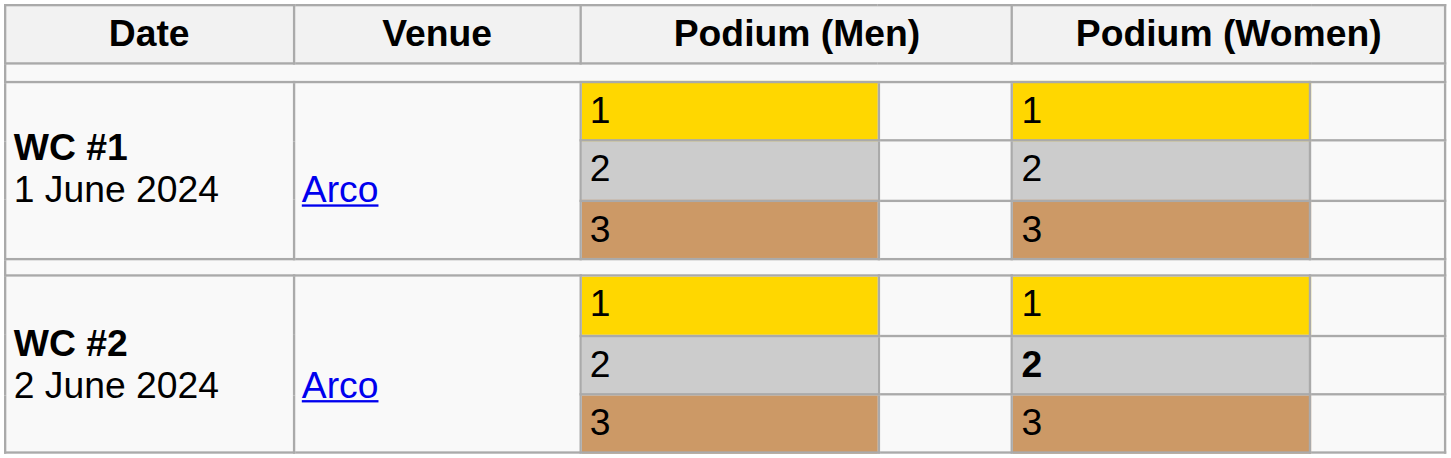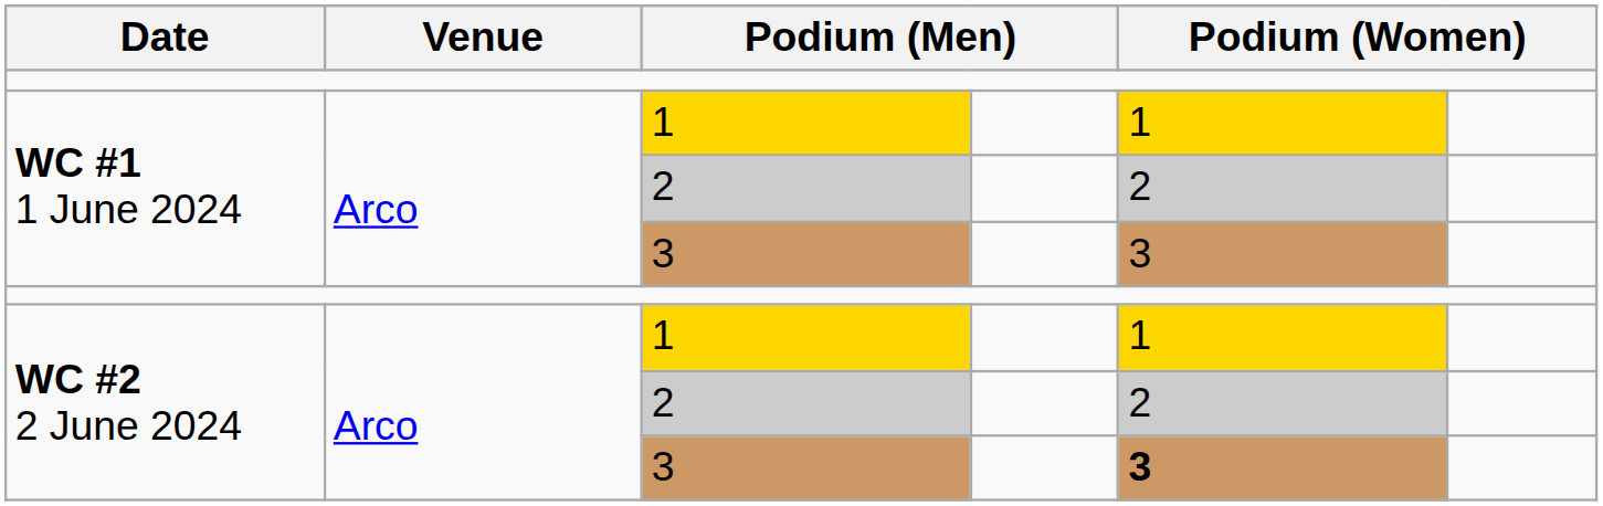 <table class="wikitable" width=70%>
 <tr>
 <th>Date</th>
 <th width=20%>Venue</th>
 <th colspan=2 width=30%>Podium (Men)</th>
 <th colspan=2 width=30%>Podium (Women)</th>
 </tr>
 <tr>
 <td colspan=6></td>
 </tr>
 <tr>
 <td rowspan=3><strong>WC #1</strong> <br> 1 June 2024</td>
 <td rowspan=3><br><a href='#'>Arco</a></td>
 <td bgcolor=FFD700>1</td>
 <td></td>
 <td bgcolor=FFD700>1</td>
 <td></td>
 </tr>
 <tr>
 <td bgcolor=CCCCCC>2</td>
 <td></td>
 <td bgcolor=CCCCCC>2</td>
 <td></td>
 </tr>
 <tr>
 <td bgcolor=CC9966>3</td>
 <td></td>
 <td bgcolor=CC9966>3</td>
 <td></td>
 </tr>
 <tr>
 <td colspan=6></td>
 </tr>
 <tr>
 <td rowspan=3><strong>WC #2</strong> <br> 2 June 2024</td>
 <td rowspan=3><br><a href='#'>Arco</a></td>
 <td bgcolor=FFD700>1</td>
 <td></td>
 <td bgcolor=FFD700>1</td>
 <td></td>
 </tr>
 <tr>
 <td bgcolor=CCCCCC>2</td>
 <td></td>
-<td bgcolor=CCCCCC><strong>2</strong></td>
+<td bgcolor=CCCCCC>2</td>
 <td></td>
 </tr>
 <tr>
 <td bgcolor=CC9966>3</td>
 <td></td>
-<td bgcolor=CC9966>3</td>
+<td bgcolor=CC9966><strong>3</strong></td>
 <td></td>
 </tr>
 </table>
